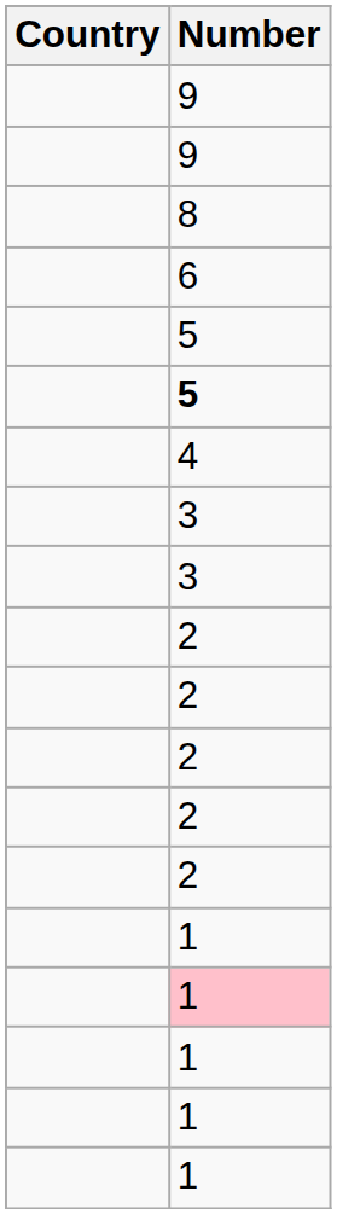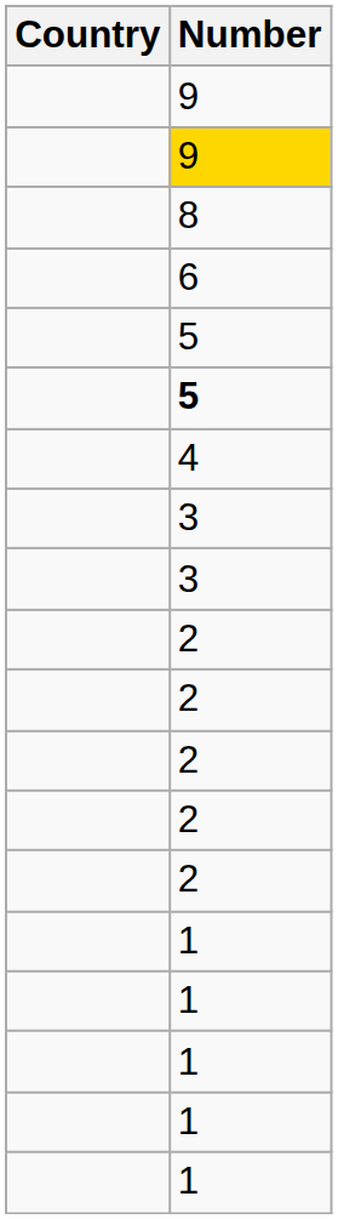 <table class="wikitable sortable">
 <tr>
 <th>Country</th>
 <th>Number</th>
 </tr>
 <tr>
 <td><em></em></td>
 <td>9</td>
 </tr>
 <tr>
 <td></td>
-<td>9</td>
+<td style="background: gold;">9</td>
 </tr>
 <tr>
 <td></td>
 <td>8</td>
 </tr>
 <tr>
 <td></td>
 <td>6</td>
 </tr>
 <tr>
 <td></td>
 <td>5</td>
 </tr>
 <tr>
 <td></td>
 <td><strong>5</strong></td>
 </tr>
 <tr>
 <td><em></em></td>
 <td>4</td>
 </tr>
 <tr>
 <td></td>
 <td>3</td>
 </tr>
 <tr>
 <td></td>
 <td>3</td>
 </tr>
 <tr>
 <td></td>
 <td>2</td>
 </tr>
 <tr>
 <td></td>
 <td>2</td>
 </tr>
 <tr>
 <td></td>
 <td>2</td>
 </tr>
 <tr>
 <td></td>
 <td>2</td>
 </tr>
 <tr>
 <td></td>
 <td>2</td>
 </tr>
 <tr>
 <td><em></em></td>
 <td>1</td>
 </tr>
 <tr>
 <td></td>
-<td style="background: pink;">1</td>
+<td>1</td>
 </tr>
 <tr>
 <td></td>
 <td>1</td>
 </tr>
 <tr>
 <td></td>
 <td>1</td>
 </tr>
 <tr>
 <td></td>
 <td>1</td>
 </tr>
 <tr>
 </tr>
 </table>
